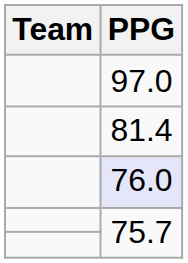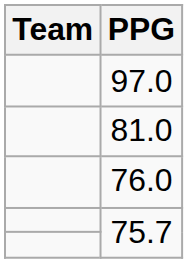 <table class=wikitable>
 <tr>
 <th>Team</th>
 <th>PPG</th>
 </tr>
 <tr>
 <td></td>
 <td align=center>97.0</td>
 </tr>
 <tr>
 <td></td>
-<td align=center>81.4</td>
+<td align=center>81.0</td>
 </tr>
 <tr>
 <td></td>
-<td align=center style="background: lavender;">76.0</td>
+<td align=center>76.0</td>
 </tr>
 <tr>
 <td></td>
 <td align=center rowspan=2>75.7</td>
 </tr>
 <tr>
 <td></td>
 </tr>
 </table>
